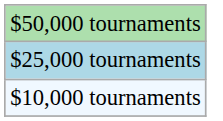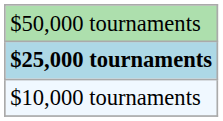 <table class=wikitable style="font-size:85%">
 <tr style="background:#addfad;">
 <td>$50,000 tournaments</td>
 </tr>
 <tr style="background:lightblue;">
-<td>$25,000 tournaments</td>
+<td><strong>$25,000 tournaments</strong></td>
 </tr>
 <tr style="background:#f0f8ff;">
 <td>$10,000 tournaments</td>
 </tr>
 </table>
